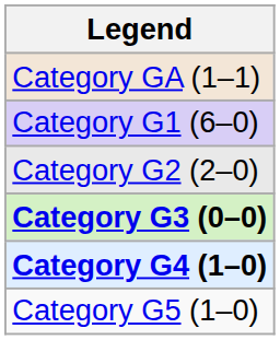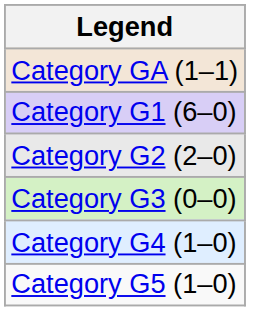 <table class=wikitable style=font-size:90%>
 <tr>
 <th>Legend</th>
 </tr>
 <tr bgcolor="F3E6D7">
 <td><a href='#'>Category GA</a> (1–1)</td>
 </tr>
 <tr bgcolor="d8cef6">
 <td><a href='#'>Category G1</a> (6–0)</td>
 </tr>
 <tr bgcolor="e9e9e9">
 <td><a href='#'>Category G2</a> (2–0)</td>
 </tr>
 <tr bgcolor="D4F1C5">
-<td><strong><a href='#'>Category G3</a> (0–0)</strong></td>
+<td><a href='#'>Category G3</a> (0–0)</td>
 </tr>
 <tr bgcolor="dfeeff">
-<td><strong><a href='#'>Category G4</a> (1–0)</strong></td>
+<td><a href='#'>Category G4</a> (1–0)</td>
 </tr>
 <tr>
 <td><a href='#'>Category G5</a> (1–0)</td>
 </tr>
 </table>
